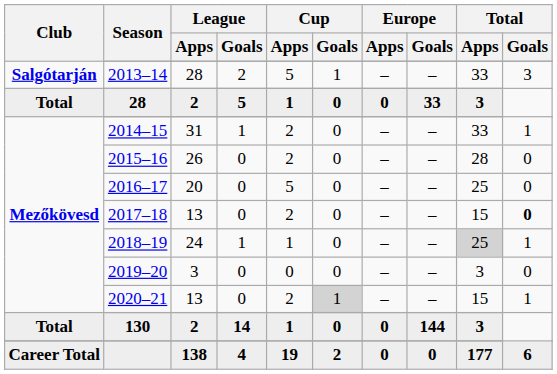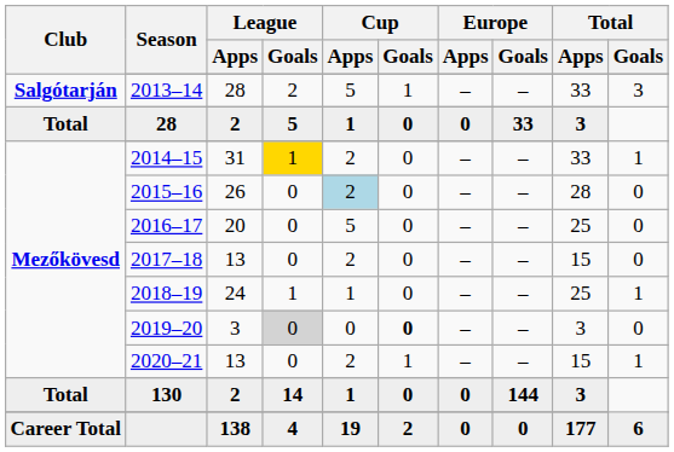 <table class="wikitable" style="font-size:90%; text-align: center;">
 <tr>
 <th rowspan="2">Club</th>
 <th rowspan="2">Season</th>
 <th colspan="2">League</th>
 <th colspan="2">Cup</th>
 <th colspan="2">Europe</th>
 <th colspan="2">Total</th>
 </tr>
 <tr>
 <th>Apps</th>
 <th>Goals</th>
 <th>Apps</th>
 <th>Goals</th>
 <th>Apps</th>
 <th>Goals</th>
 <th>Apps</th>
 <th>Goals</th>
 </tr>
 <tr ||-||-||-|->
 <td rowspan="3" valign="center"><strong><a href='#'>Salgótarján</a></strong></td>
 </tr>
 <tr>
 <td><a href='#'>2013–14</a></td>
 <td>28</td>
 <td>2</td>
 <td>5</td>
 <td>1</td>
 <td>–</td>
 <td>–</td>
 <td>33</td>
 <td>3</td>
 </tr>
 <tr>
 </tr>
 <tr style="font-weight:bold; background-color:#eeeeee;">
 <td>Total</td>
 <td>28</td>
 <td>2</td>
 <td>5</td>
 <td>1</td>
 <td>0</td>
 <td>0</td>
 <td>33</td>
 <td>3</td>
 </tr>
 <tr>
 <td rowspan="9" valign="center"><strong><a href='#'>Mezőkövesd</a></strong></td>
 </tr>
 <tr>
 <td><a href='#'>2014–15</a></td>
 <td>31</td>
-<td>1</td>
+<td style="background: gold;">1</td>
 <td>2</td>
 <td>0</td>
 <td>–</td>
 <td>–</td>
 <td>33</td>
 <td>1</td>
 </tr>
 <tr>
 <td><a href='#'>2015–16</a></td>
 <td>26</td>
 <td>0</td>
-<td>2</td>
+<td style="background: lightblue;">2</td>
 <td>0</td>
 <td>–</td>
 <td>–</td>
 <td>28</td>
 <td>0</td>
 </tr>
 <tr>
 <td><a href='#'>2016–17</a></td>
 <td>20</td>
 <td>0</td>
 <td>5</td>
 <td>0</td>
 <td>–</td>
 <td>–</td>
 <td>25</td>
 <td>0</td>
 </tr>
 <tr>
 <td><a href='#'>2017–18</a></td>
 <td>13</td>
 <td>0</td>
 <td>2</td>
 <td>0</td>
 <td>–</td>
 <td>–</td>
 <td>15</td>
-<td><strong>0</strong></td>
+<td>0</td>
 </tr>
 <tr>
 <td><a href='#'>2018–19</a></td>
 <td>24</td>
 <td>1</td>
 <td>1</td>
 <td>0</td>
 <td>–</td>
 <td>–</td>
-<td style="background: lightgrey;">25</td>
+<td>25</td>
 <td>1</td>
 </tr>
 <tr>
 <td><a href='#'>2019–20</a></td>
 <td>3</td>
+<td style="background: lightgrey;">0</td>
 <td>0</td>
-<td>0</td>
-<td>0</td>
+<td><strong>0</strong></td>
 <td>–</td>
 <td>–</td>
 <td>3</td>
 <td>0</td>
 </tr>
 <tr>
 <td><a href='#'>2020–21</a></td>
 <td>13</td>
 <td>0</td>
 <td>2</td>
-<td style="background: lightgrey;">1</td>
+<td>1</td>
 <td>–</td>
 <td>–</td>
 <td>15</td>
 <td>1</td>
 </tr>
 <tr>
 </tr>
 <tr style="font-weight:bold; background-color:#eeeeee;">
 <td>Total</td>
 <td>130</td>
 <td>2</td>
 <td>14</td>
 <td>1</td>
 <td>0</td>
 <td>0</td>
 <td>144</td>
 <td>3</td>
 </tr>
 <tr>
 </tr>
 <tr style="font-weight:bold; background-color:#eeeeee;">
 <td rowspan="2" valign="top"><strong>Career Total</strong></td>
 <td></td>
 <td><strong>138</strong></td>
 <td><strong>4</strong></td>
 <td><strong>19</strong></td>
 <td><strong>2</strong></td>
 <td><strong>0</strong></td>
 <td><strong>0</strong></td>
 <td><strong>177</strong></td>
 <td><strong>6</strong></td>
 </tr>
 </table>
